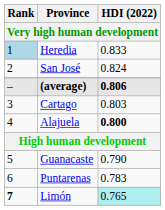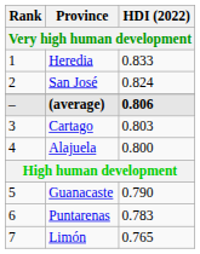 <table class="wikitable sortable">
 <tr>
 <th>Rank</th>
 <th>Province</th>
 <th>HDI (2022)</th>
 </tr>
 <tr>
 <th colspan="3" style="color:#090;">Very high human development</th>
 </tr>
 <tr>
-<td style="background: lightblue;">1</td>
+<td>1</td>
 <td> <a href='#'>Heredia</a></td>
 <td>0.833</td>
 </tr>
 <tr>
 <td>2</td>
 <td> <a href='#'>San José</a></td>
 <td>0.824</td>
 </tr>
 <tr>
 </tr>
 <tr style="background:#e6e6e6">
 <td>–</td>
 <td><strong> (average)</strong></td>
 <td><strong>0.806</strong></td>
 </tr>
 <tr>
 <td>3</td>
 <td> <a href='#'>Cartago</a></td>
 <td>0.803</td>
 </tr>
 <tr>
 <td>4</td>
 <td> <a href='#'>Alajuela</a></td>
-<td><strong>0.800</strong></td>
+<td>0.800</td>
 </tr>
 <tr>
 <th colspan="3" style="color:#0c0;">High human development</th>
 </tr>
 <tr>
 <td>5</td>
 <td> <a href='#'>Guanacaste</a></td>
 <td>0.790</td>
 </tr>
 <tr>
 <td>6</td>
 <td> <a href='#'>Puntarenas</a></td>
 <td>0.783</td>
 </tr>
 <tr>
-<td><strong>7</strong></td>
+<td>7</td>
 <td> <a href='#'>Limón</a></td>
-<td style="background: paleturquoise;">0.765</td>
+<td>0.765</td>
 </tr>
 </table>
